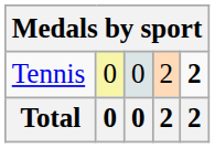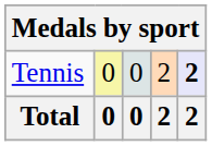 <table class="wikitable" style="font-size:90%; text-align:center;">
 <tr>
 <th colspan="5">Medals by sport</th>
 </tr>
 <tr>
 <td align="left"><a href='#'>Tennis</a></td>
 <td style="background:#F7F6A8;">0</td>
 <td style="background:#DCE5E5;">0</td>
 <td style="background:#FFDAB9;">2</td>
-<td><strong>2</strong></td>
+<td style="background: lavender;"><strong>2</strong></td>
 </tr>
 <tr class="sortbottom">
 <th>Total</th>
 <th>0</th>
 <th>0</th>
 <th>2</th>
 <th>2</th>
 </tr>
 </table>
